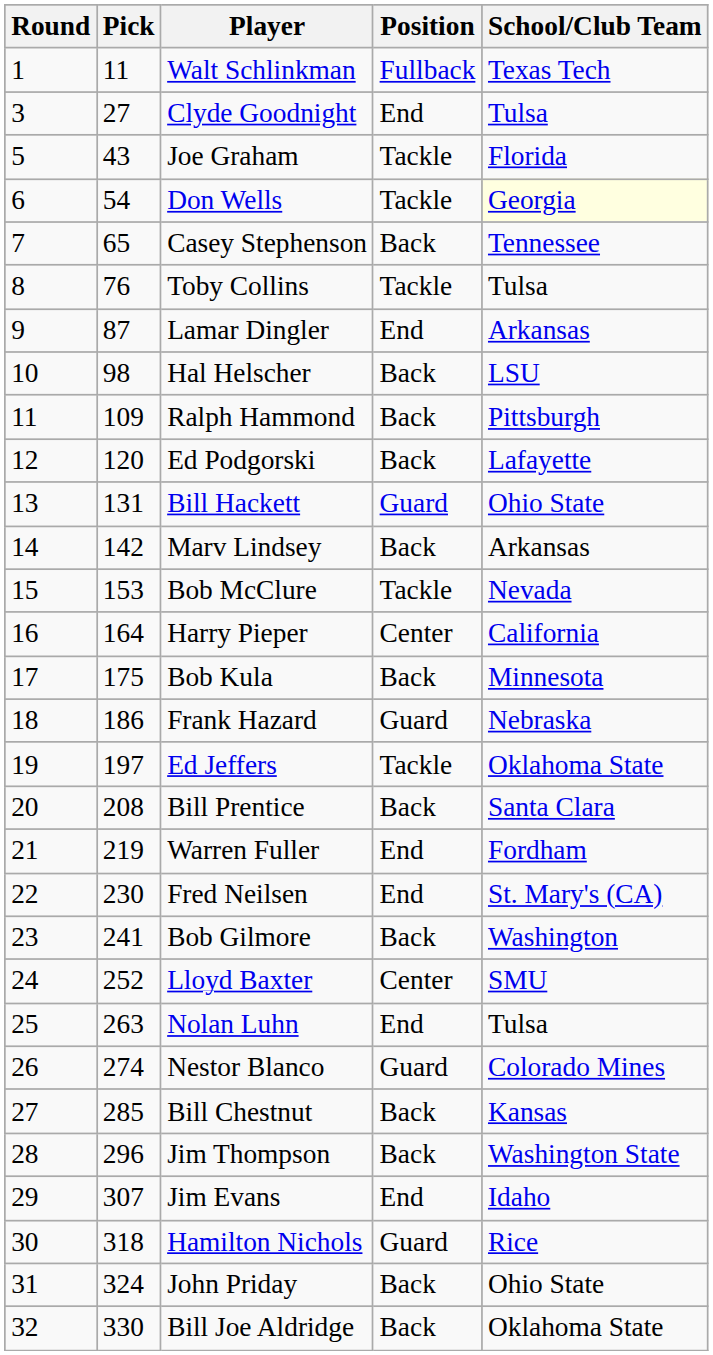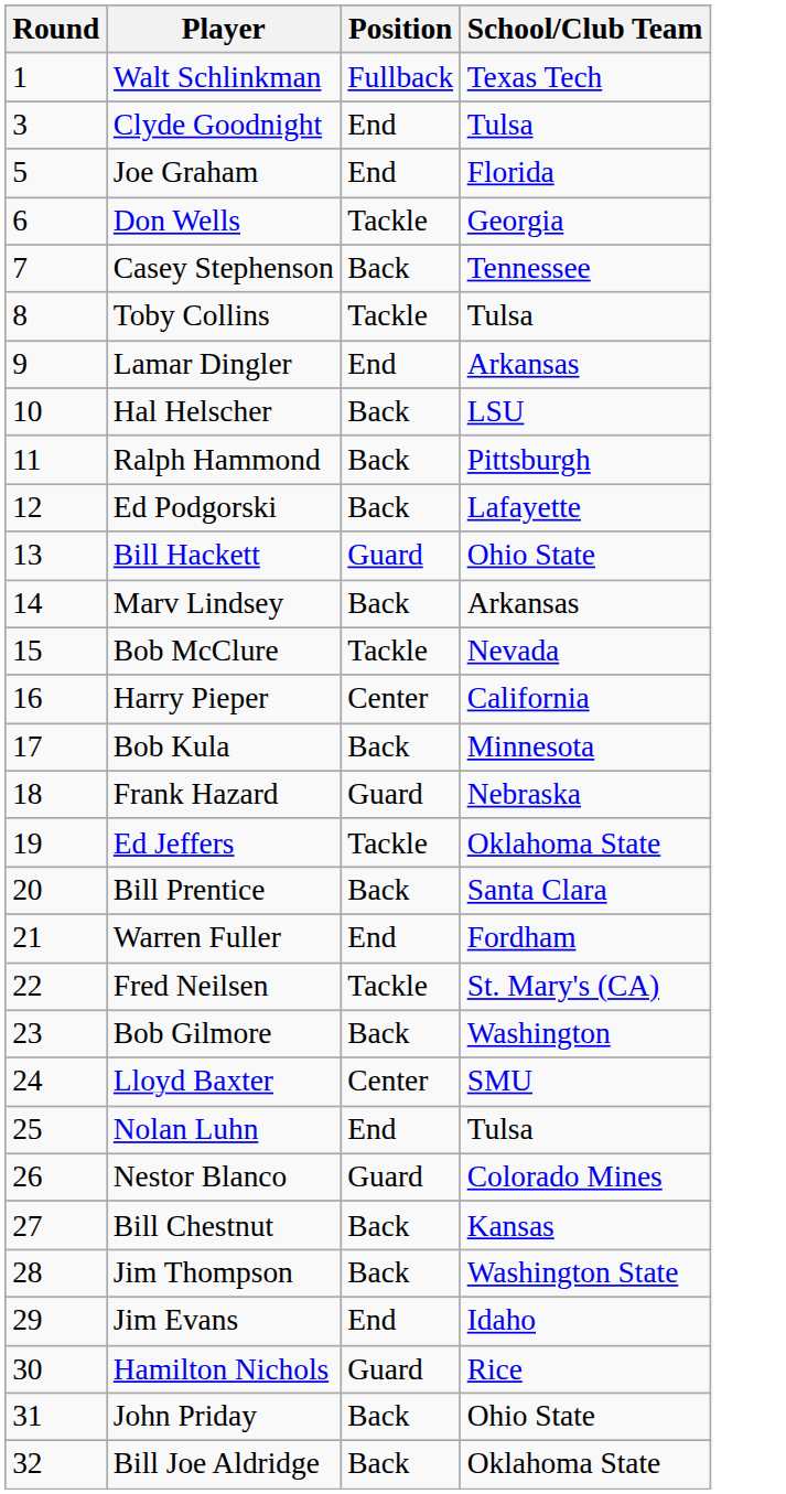 <table class="wikitable sortable sortable">
 <tr>
 <th>Round</th>
-<th>Pick</th>
 <th>Player</th>
 <th>Position</th>
 <th>School/Club Team</th>
 </tr>
 <tr>
 <td>1</td>
-<td>11</td>
 <td><a href='#'>Walt Schlinkman</a></td>
 <td><a href='#'>Fullback</a></td>
 <td><a href='#'>Texas Tech</a></td>
 </tr>
 <tr>
 <td>3</td>
-<td>27</td>
 <td><a href='#'>Clyde Goodnight</a></td>
 <td>End</td>
 <td><a href='#'>Tulsa</a></td>
 </tr>
 <tr>
 <td>5</td>
-<td>43</td>
 <td>Joe Graham</td>
-<td>Tackle</td>
+<td>End</td>
 <td><a href='#'>Florida</a></td>
 </tr>
 <tr>
 <td>6</td>
-<td>54</td>
 <td><a href='#'>Don Wells</a></td>
 <td>Tackle</td>
-<td style="background: lightyellow;"><a href='#'>Georgia</a></td>
+<td><a href='#'>Georgia</a></td>
 </tr>
 <tr>
 <td>7</td>
-<td>65</td>
 <td>Casey Stephenson</td>
 <td>Back</td>
 <td><a href='#'>Tennessee</a></td>
 </tr>
 <tr>
 <td>8</td>
-<td>76</td>
 <td>Toby Collins</td>
 <td>Tackle</td>
 <td>Tulsa</td>
 </tr>
 <tr>
 <td>9</td>
-<td>87</td>
 <td>Lamar Dingler</td>
 <td>End</td>
 <td><a href='#'>Arkansas</a></td>
 </tr>
 <tr>
 <td>10</td>
-<td>98</td>
 <td>Hal Helscher</td>
 <td>Back</td>
 <td><a href='#'>LSU</a></td>
 </tr>
 <tr>
 <td>11</td>
-<td>109</td>
 <td>Ralph Hammond</td>
 <td>Back</td>
 <td><a href='#'>Pittsburgh</a></td>
 </tr>
 <tr>
 <td>12</td>
-<td>120</td>
 <td>Ed Podgorski</td>
 <td>Back</td>
 <td><a href='#'>Lafayette</a></td>
 </tr>
 <tr>
 <td>13</td>
-<td>131</td>
 <td><a href='#'>Bill Hackett</a></td>
 <td><a href='#'>Guard</a></td>
 <td><a href='#'>Ohio State</a></td>
 </tr>
 <tr>
 <td>14</td>
-<td>142</td>
 <td>Marv Lindsey</td>
 <td>Back</td>
 <td>Arkansas</td>
 </tr>
 <tr>
 <td>15</td>
-<td>153</td>
 <td>Bob McClure</td>
 <td>Tackle</td>
 <td><a href='#'>Nevada</a></td>
 </tr>
 <tr>
 <td>16</td>
-<td>164</td>
 <td>Harry Pieper</td>
 <td>Center</td>
 <td><a href='#'>California</a></td>
 </tr>
 <tr>
 <td>17</td>
-<td>175</td>
 <td>Bob Kula</td>
 <td>Back</td>
 <td><a href='#'>Minnesota</a></td>
 </tr>
 <tr>
 <td>18</td>
-<td>186</td>
 <td>Frank Hazard</td>
 <td>Guard</td>
 <td><a href='#'>Nebraska</a></td>
 </tr>
 <tr>
 <td>19</td>
-<td>197</td>
 <td><a href='#'>Ed Jeffers</a></td>
 <td>Tackle</td>
 <td><a href='#'>Oklahoma State</a></td>
 </tr>
 <tr>
 <td>20</td>
-<td>208</td>
 <td>Bill Prentice</td>
 <td>Back</td>
 <td><a href='#'>Santa Clara</a></td>
 </tr>
 <tr>
 <td>21</td>
-<td>219</td>
 <td>Warren Fuller</td>
 <td>End</td>
 <td><a href='#'>Fordham</a></td>
 </tr>
 <tr>
 <td>22</td>
-<td>230</td>
 <td>Fred Neilsen</td>
-<td>End</td>
+<td>Tackle</td>
 <td><a href='#'>St. Mary's (CA)</a></td>
 </tr>
 <tr>
 <td>23</td>
-<td>241</td>
 <td>Bob Gilmore</td>
 <td>Back</td>
 <td><a href='#'>Washington</a></td>
 </tr>
 <tr>
 <td>24</td>
-<td>252</td>
 <td><a href='#'>Lloyd Baxter</a></td>
 <td>Center</td>
 <td><a href='#'>SMU</a></td>
 </tr>
 <tr>
 <td>25</td>
-<td>263</td>
 <td><a href='#'>Nolan Luhn</a></td>
 <td>End</td>
 <td>Tulsa</td>
 </tr>
 <tr>
 <td>26</td>
-<td>274</td>
 <td>Nestor Blanco</td>
 <td>Guard</td>
 <td><a href='#'>Colorado Mines</a></td>
 </tr>
 <tr>
 <td>27</td>
-<td>285</td>
 <td>Bill Chestnut</td>
 <td>Back</td>
 <td><a href='#'>Kansas</a></td>
 </tr>
 <tr>
 <td>28</td>
-<td>296</td>
 <td>Jim Thompson</td>
 <td>Back</td>
 <td><a href='#'>Washington State</a></td>
 </tr>
 <tr>
 <td>29</td>
-<td>307</td>
 <td>Jim Evans</td>
 <td>End</td>
 <td><a href='#'>Idaho</a></td>
 </tr>
 <tr>
 <td>30</td>
-<td>318</td>
 <td><a href='#'>Hamilton Nichols</a></td>
 <td>Guard</td>
 <td><a href='#'>Rice</a></td>
 </tr>
 <tr>
 <td>31</td>
-<td>324</td>
 <td>John Priday</td>
 <td>Back</td>
 <td>Ohio State</td>
 </tr>
 <tr>
 <td>32</td>
-<td>330</td>
 <td>Bill Joe Aldridge</td>
 <td>Back</td>
 <td>Oklahoma State</td>
 </tr>
 </table>
